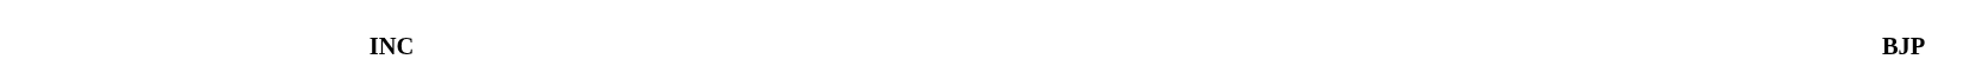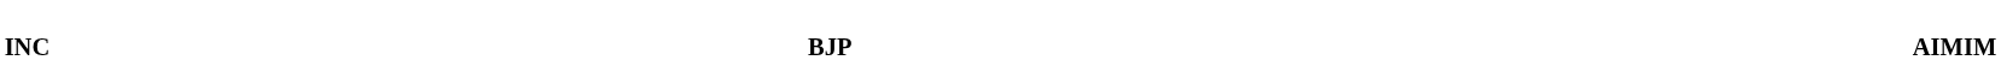 <table style="width:100%; text-align:center;">
 <tr style="color:white;">
 <td style="background:"><strong>8</strong></td>
 <td style="background:"><strong>8</strong></td>
+<td style="background:"><strong>1</strong></td>
 </tr>
 <tr>
 <td><span><strong>INC</strong></span></td>
 <td><span><strong>BJP</strong></span></td>
+<td><span><strong>AIMIM</strong></span></td>
 </tr>
 </table>
